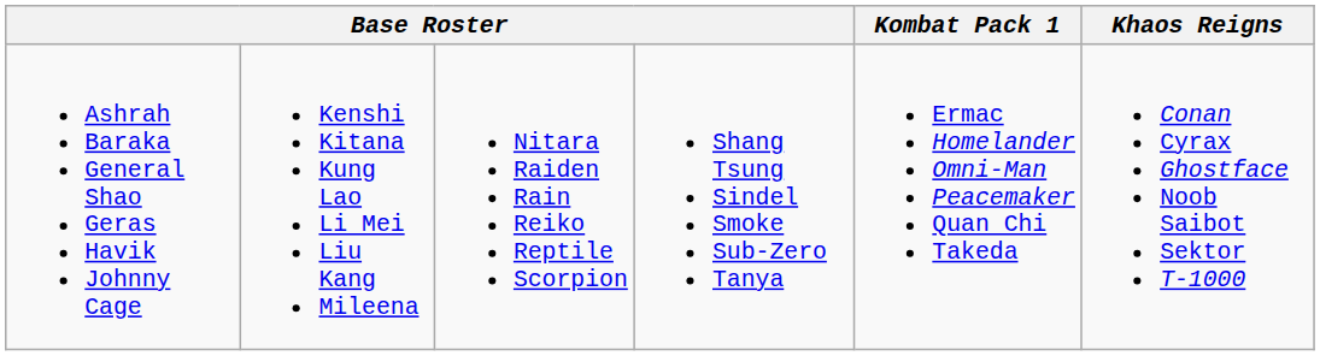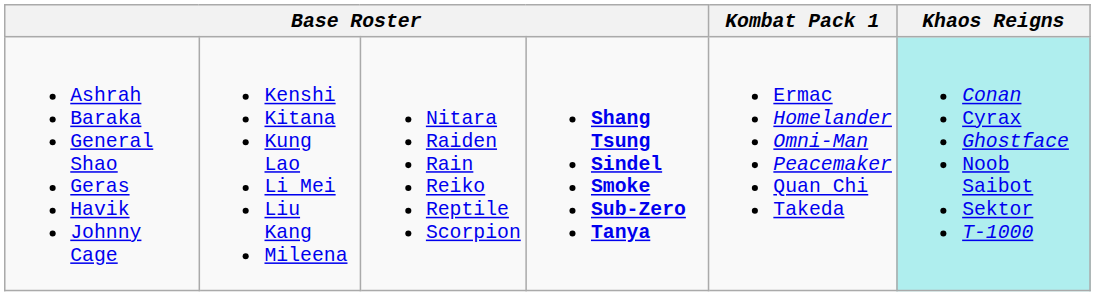 <table class="wikitable" style="width: 75%; max-width: 55em;">
 <tr>
 <th colspan="4"><strong><em>Base Roster</em></strong></th>
 <th scope="col"><strong><em>Kombat Pack 1</em></strong></th>
 <th scope="col"><strong><em>Khaos Reigns</em></strong></th>
 </tr>
 <tr>
 <td style="vertical-align: top;"><br><ul><li><a href='#'>Ashrah</a></li><li><a href='#'>Baraka</a></li><li><a href='#'>General Shao</a></li><li><a href='#'>Geras</a></li><li><a href='#'>Havik</a></li><li><a href='#'>Johnny Cage</a></li></ul></td>
 <td><br><ul><li><a href='#'>Kenshi</a></li><li><a href='#'>Kitana</a></li><li><a href='#'>Kung Lao</a></li><li><a href='#'>Li Mei</a></li><li><a href='#'>Liu Kang</a></li><li><a href='#'>Mileena</a></li></ul></td>
 <td><br><ul><li><a href='#'>Nitara</a></li><li><a href='#'>Raiden</a></li><li><a href='#'>Rain</a></li><li><a href='#'>Reiko</a></li><li><a href='#'>Reptile</a></li><li><a href='#'>Scorpion</a></li></ul></td>
-<td><br><ul><li><a href='#'>Shang Tsung</a></li><li><a href='#'>Sindel</a></li><li><a href='#'>Smoke</a></li><li><a href='#'>Sub-Zero</a></li><li><a href='#'>Tanya</a></li></ul></td>
+<td><strong><br><ul><li><a href='#'>Shang Tsung</a></li><li><a href='#'>Sindel</a></li><li><a href='#'>Smoke</a></li><li><a href='#'>Sub-Zero</a></li><li><a href='#'>Tanya</a></li></ul></strong></td>
 <td style="vertical-align: top;"><br><ul><li><a href='#'>Ermac</a></li><li><em><a href='#'>Homelander</a></em></li><li><em><a href='#'>Omni-Man</a></em></li><li><em><a href='#'>Peacemaker</a></em></li><li><a href='#'>Quan Chi</a></li><li><a href='#'>Takeda</a></li></ul></td>
-<td style="vertical-align: top;"><br><ul><li><em><a href='#'>Conan</a></em></li><li><a href='#'>Cyrax</a></li><li><em><a href='#'>Ghostface</a></em></li><li><a href='#'>Noob Saibot</a></li><li><a href='#'>Sektor</a></li><li><em><a href='#'>T-1000</a></em></li></ul></td>
+<td style="background: paleturquoise; vertical-align: top;"><br><ul><li><em><a href='#'>Conan</a></em></li><li><a href='#'>Cyrax</a></li><li><em><a href='#'>Ghostface</a></em></li><li><a href='#'>Noob Saibot</a></li><li><a href='#'>Sektor</a></li><li><em><a href='#'>T-1000</a></em></li></ul></td>
 </tr>
 </table>
